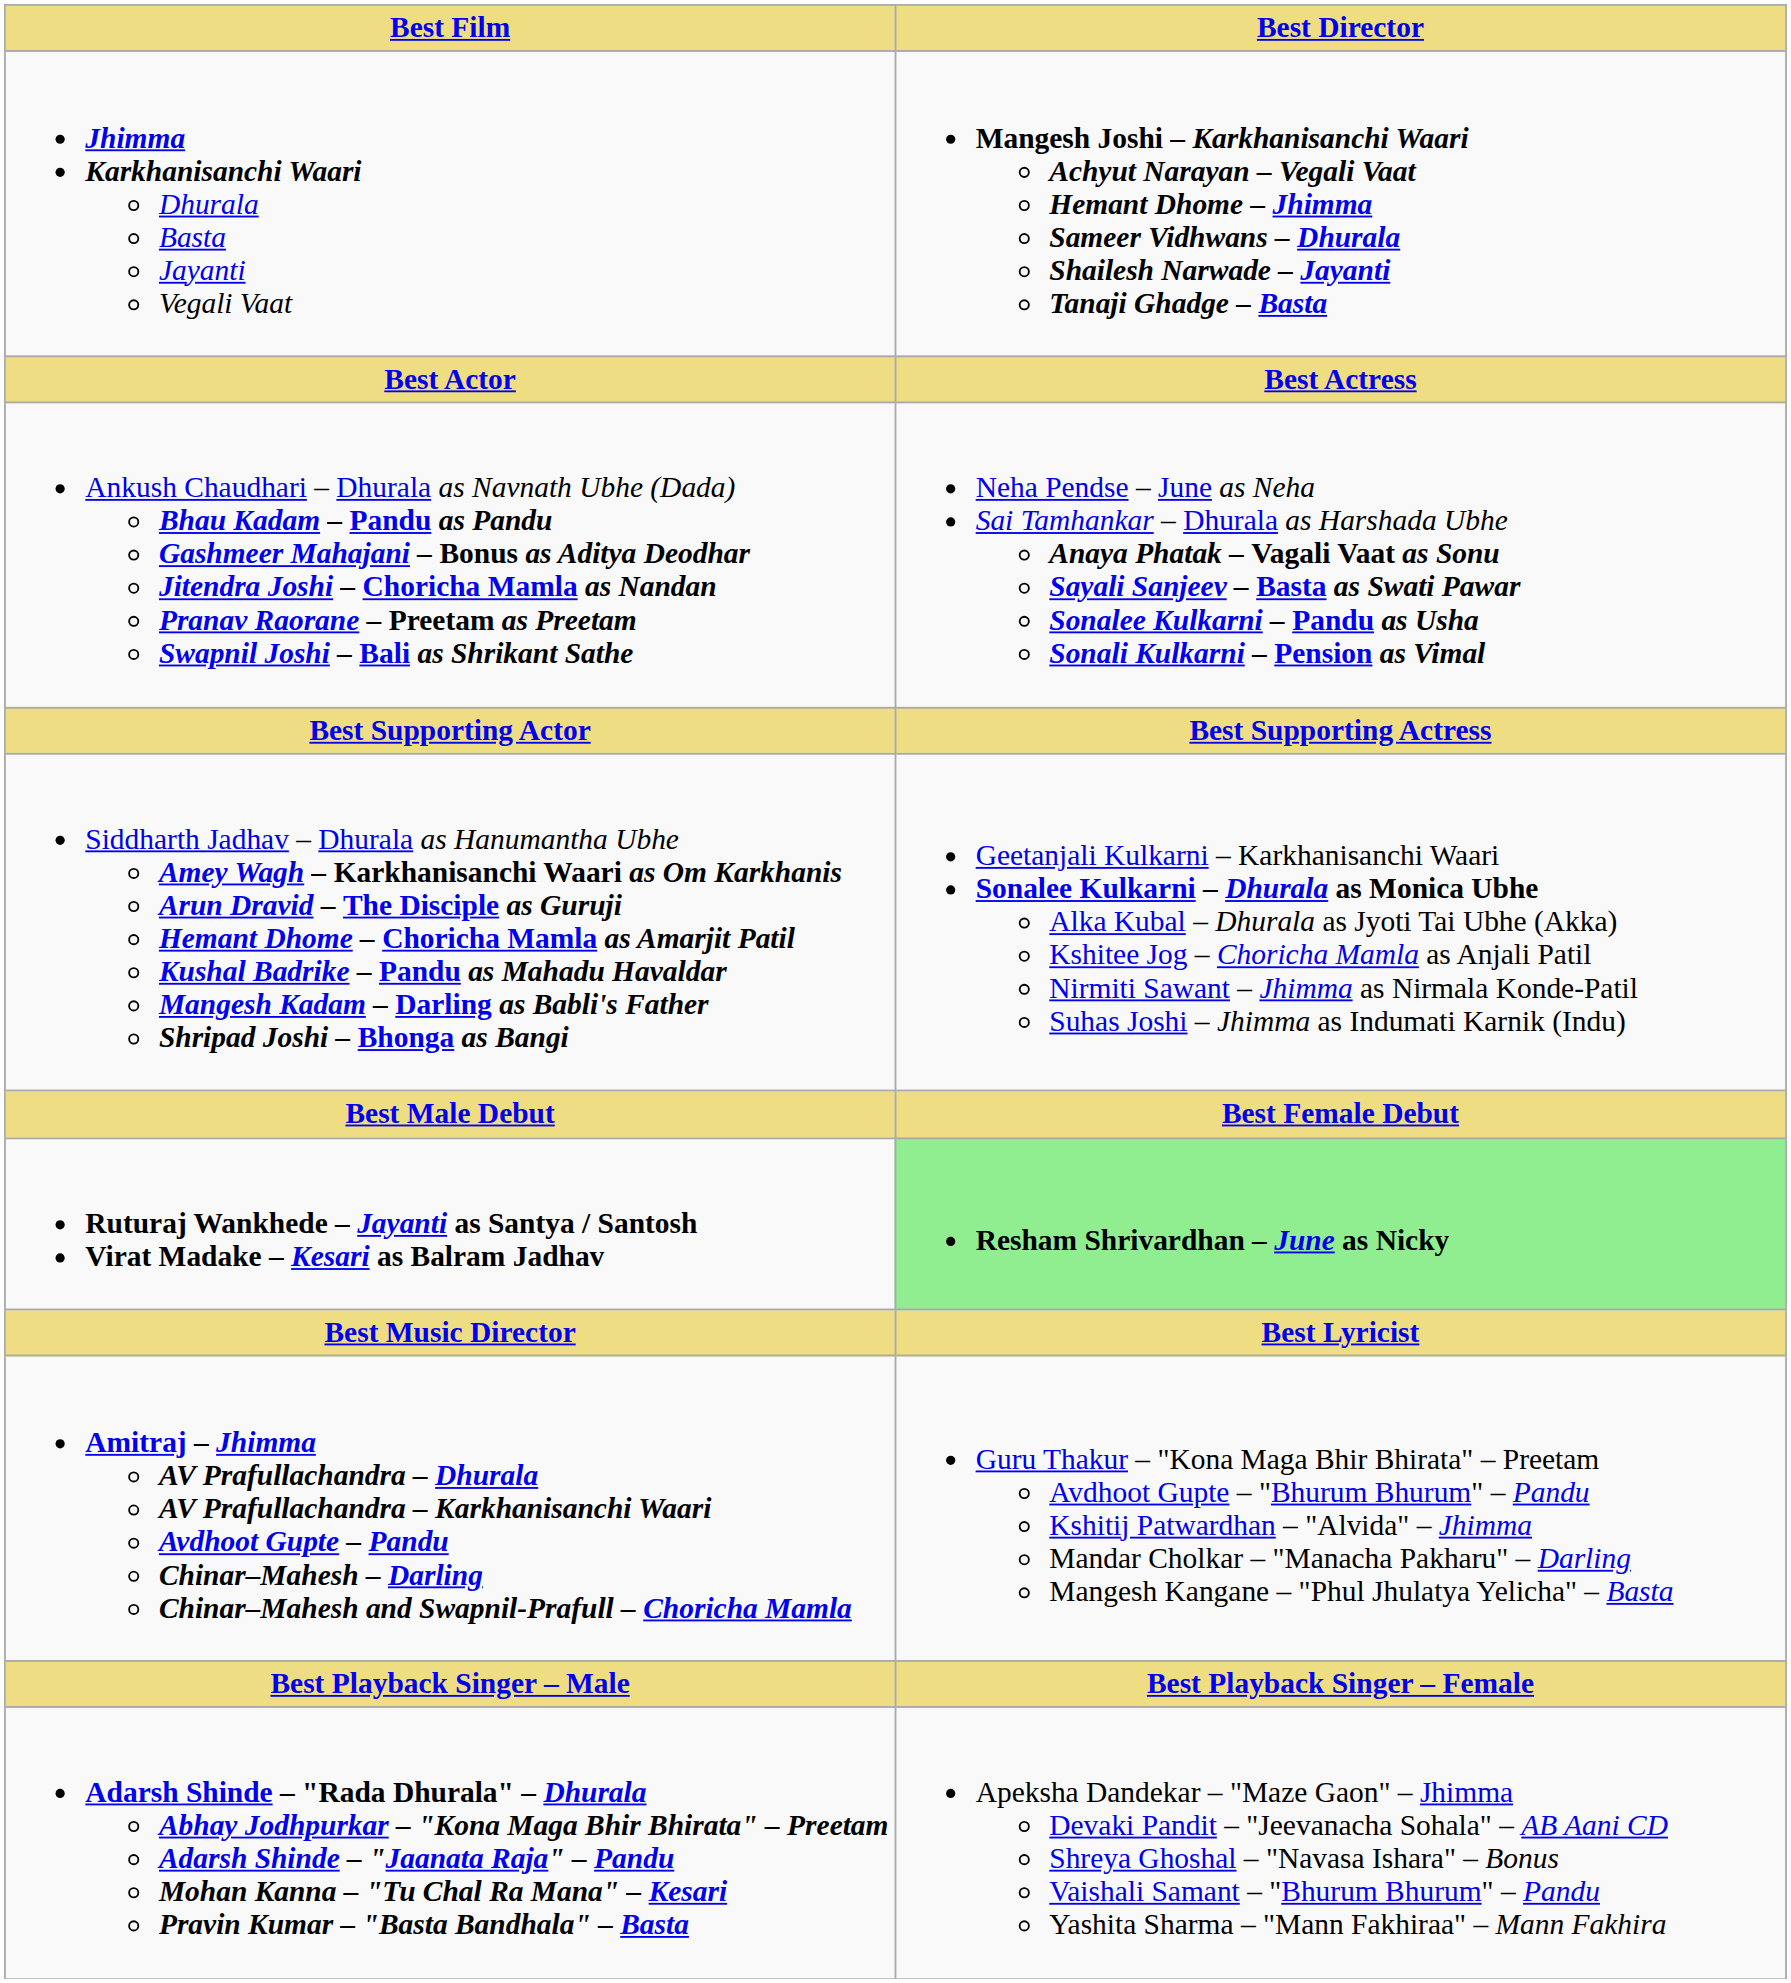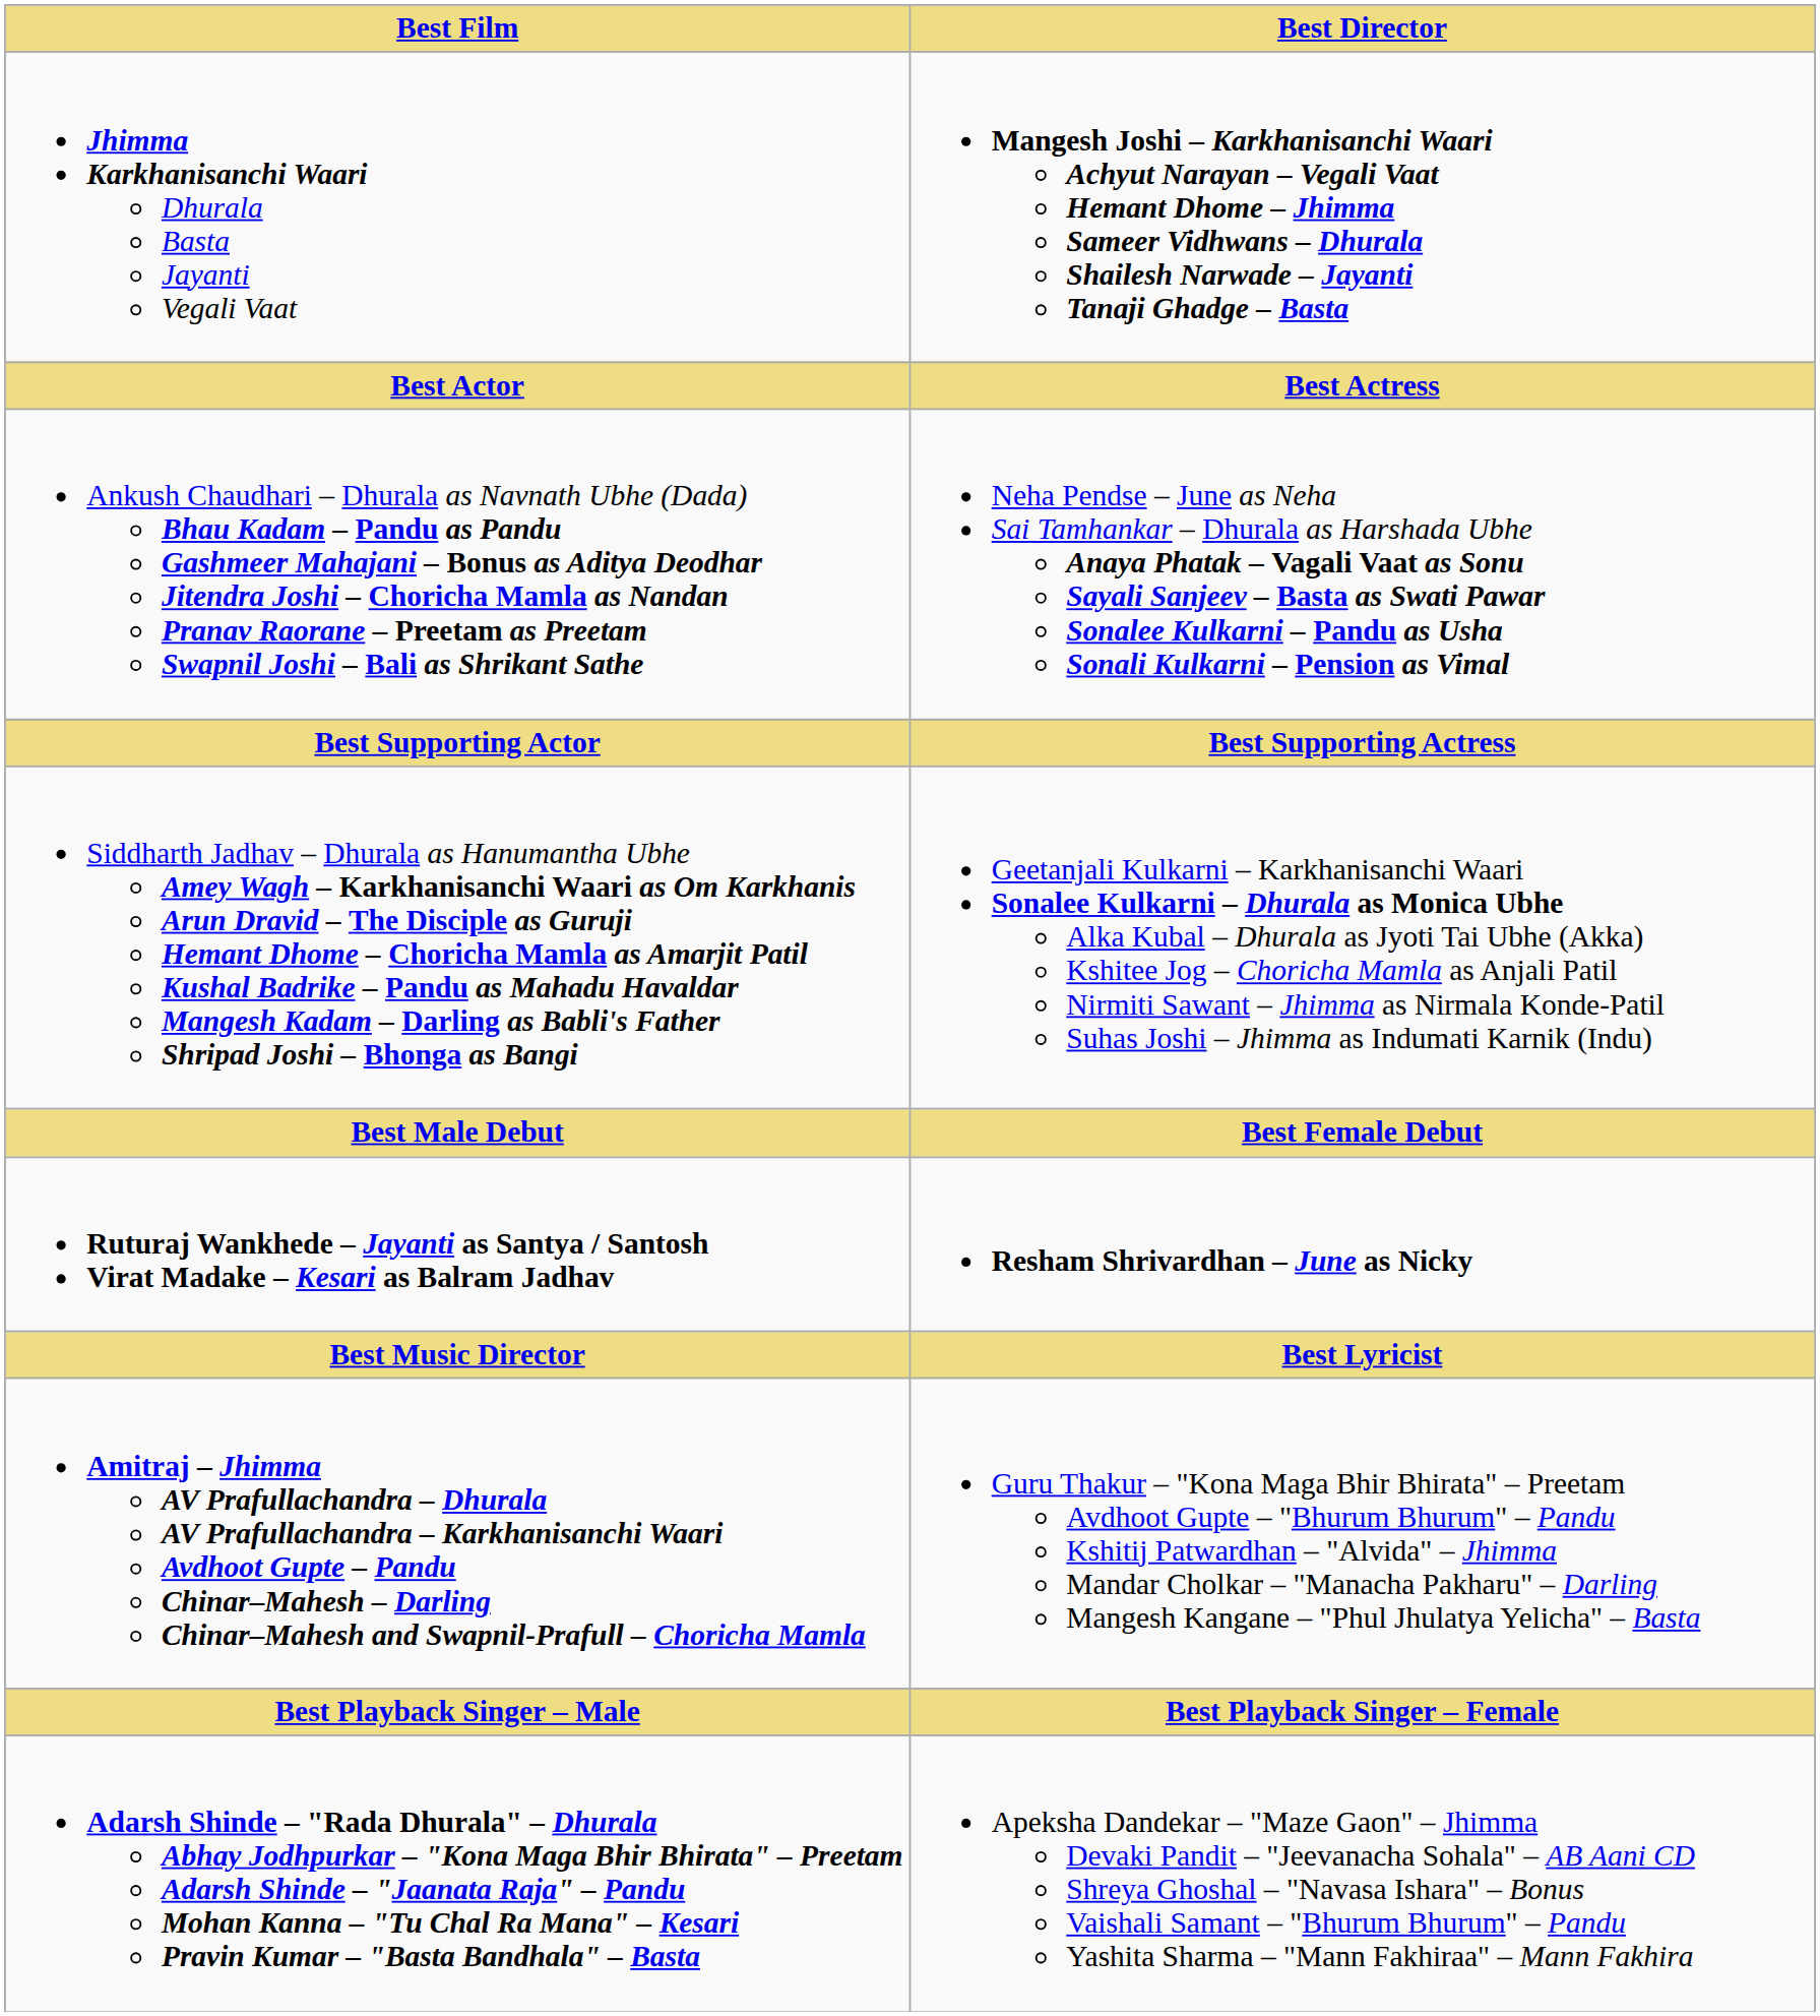 <table class="wikitable">
 <tr>
 <th style="background:#EEDD82; width:50%;"><a href='#'>Best Film</a></th>
 <th style="background:#EEDD82; width:50%;"><a href='#'>Best Director</a></th>
 </tr>
 <tr>
 <td valign="top"><br><ul><li><strong><em><a href='#'>Jhimma</a></em></strong></li><li><strong><em>Karkhanisanchi Waari</em></strong><ul><li><em><a href='#'>Dhurala</a></em></li><li><em><a href='#'>Basta</a></em></li><li><em><a href='#'>Jayanti</a></em></li><li><em>Vegali Vaat</em></li></ul></li></ul></td>
 <td valign="top"><br><ul><li><strong>Mangesh Joshi – <em>Karkhanisanchi Waari<strong><em><ul><li>Achyut Narayan – </em>Vegali Vaat<em></li><li>Hemant Dhome – </em><a href='#'>Jhimma</a><em></li><li>Sameer Vidhwans – </em><a href='#'>Dhurala</a><em></li><li>Shailesh Narwade – </em><a href='#'>Jayanti</a><em></li><li>Tanaji Ghadge – </em><a href='#'>Basta</a><em></li></ul></li></ul></td>
 </tr>
 <tr>
 <th style="background:#EEDD82;"><a href='#'>Best Actor</a></th>
 <th style="background:#EEDD82;"><a href='#'>Best Actress</a></th>
 </tr>
 <tr>
 <td><br><ul><li></strong><a href='#'>Ankush Chaudhari</a> – </em><a href='#'>Dhurala</a><em> as Navnath Ubhe (Dada)<strong><ul><li><a href='#'>Bhau Kadam</a> – </em><a href='#'>Pandu</a><em> as Pandu</li><li><a href='#'>Gashmeer Mahajani</a> – </em>Bonus<em> as Aditya Deodhar</li><li><a href='#'>Jitendra Joshi</a> – </em><a href='#'>Choricha Mamla</a><em> as Nandan</li><li><a href='#'>Pranav Raorane</a> – </em>Preetam<em> as Preetam</li><li><a href='#'>Swapnil Joshi</a> – </em><a href='#'>Bali</a><em> as Shrikant Sathe</li></ul></li></ul></td>
 <td><br><ul><li></strong><a href='#'>Neha Pendse</a> – </em><a href='#'>June</a><em> as Neha<strong></li><li></strong><a href='#'>Sai Tamhankar</a> – </em><a href='#'>Dhurala</a><em> as Harshada Ubhe<strong><ul><li>Anaya Phatak – </em>Vagali Vaat<em> as Sonu</li><li><a href='#'>Sayali Sanjeev</a> – </em><a href='#'>Basta</a><em> as Swati Pawar</li><li><a href='#'>Sonalee Kulkarni</a> – </em><a href='#'>Pandu</a><em> as Usha</li><li><a href='#'>Sonali Kulkarni</a> – </em><a href='#'>Pension</a><em> as Vimal</li></ul></li></ul></td>
 </tr>
 <tr>
 <th style="background:#EEDD82;"><a href='#'>Best Supporting Actor</a></th>
 <th style="background:#EEDD82;"><a href='#'>Best Supporting Actress</a></th>
 </tr>
 <tr>
 <td><br><ul><li></strong><a href='#'>Siddharth Jadhav</a> – </em><a href='#'>Dhurala</a><em> as Hanumantha Ubhe<strong><ul><li><a href='#'>Amey Wagh</a> – </em>Karkhanisanchi Waari<em> as Om Karkhanis</li><li><a href='#'>Arun Dravid</a> – </em><a href='#'>The Disciple</a><em> as Guruji</li><li><a href='#'>Hemant Dhome</a> – </em><a href='#'>Choricha Mamla</a><em> as Amarjit Patil</li><li><a href='#'>Kushal Badrike</a> – </em><a href='#'>Pandu</a><em> as Mahadu Havaldar</li><li><a href='#'>Mangesh Kadam</a> – </em><a href='#'>Darling</a><em> as Babli's Father</li><li>Shripad Joshi – </em><a href='#'>Bhonga</a><em> as Bangi</li></ul></li></ul></td>
 <td><br><ul><li></strong><a href='#'>Geetanjali Kulkarni</a> – </em>Karkhanisanchi Waari</em></strong></li><li><strong><a href='#'>Sonalee Kulkarni</a> –</strong> <strong><em><a href='#'>Dhurala</a></em></strong> <strong>as Monica Ubhe</strong><ul><li><a href='#'>Alka Kubal</a> – <em>Dhurala</em> as Jyoti Tai Ubhe (Akka)</li><li><a href='#'>Kshitee Jog</a> – <em><a href='#'>Choricha Mamla</a></em> as Anjali Patil</li><li><a href='#'>Nirmiti Sawant</a> – <em><a href='#'>Jhimma</a></em> as Nirmala Konde-Patil</li><li><a href='#'>Suhas Joshi</a> – <em>Jhimma</em> as Indumati Karnik (Indu)</li></ul></li></ul></td>
 </tr>
 <tr>
 <th style="background:#EEDD82;"><a href='#'>Best Male Debut</a></th>
 <th style="background:#EEDD82;"><a href='#'>Best Female Debut</a></th>
 </tr>
 <tr>
 <td><br><ul><li><strong>Ruturaj Wankhede – <em><a href='#'>Jayanti</a></em> as Santya / Santosh</strong></li><li><strong>Virat Madake – <em><a href='#'>Kesari</a></em> as Balram Jadhav</strong></li></ul></td>
-<td style="background: lightgreen;"><br><ul><li><strong>Resham Shrivardhan – <em><a href='#'>June</a></em> as Nicky</strong></li></ul></td>
+<td><br><ul><li><strong>Resham Shrivardhan – <em><a href='#'>June</a></em> as Nicky</strong></li></ul></td>
 </tr>
 <tr>
 <th style="background:#EEDD82;"><a href='#'>Best Music Director</a></th>
 <th style="background:#EEDD82;"><a href='#'>Best Lyricist</a></th>
 </tr>
 <tr>
 <td><br><ul><li><strong><a href='#'>Amitraj</a> – <em><a href='#'>Jhimma</a><strong><em><ul><li>AV Prafullachandra – </em><a href='#'>Dhurala</a><em></li><li>AV Prafullachandra – </em>Karkhanisanchi Waari<em></li><li><a href='#'>Avdhoot Gupte</a> – </em><a href='#'>Pandu</a><em></li><li>Chinar–Mahesh – </em><a href='#'>Darling</a><em></li><li>Chinar–Mahesh and Swapnil-Prafull – </em><a href='#'>Choricha Mamla</a><em></li></ul></li></ul></td>
 <td><br><ul><li></strong><a href='#'>Guru Thakur</a> – "Kona Maga Bhir Bhirata" – </em>Preetam</em></strong><ul><li><a href='#'>Avdhoot Gupte</a> – "<a href='#'>Bhurum Bhurum</a>" – <em><a href='#'>Pandu</a></em></li><li><a href='#'>Kshitij Patwardhan</a> – "Alvida" – <em><a href='#'>Jhimma</a></em></li><li>Mandar Cholkar – "Manacha Pakharu" – <em><a href='#'>Darling</a></em></li><li>Mangesh Kangane – "Phul Jhulatya Yelicha" – <em><a href='#'>Basta</a></em></li></ul></li></ul></td>
 </tr>
 <tr>
 <th style="background:#EEDD82;"><a href='#'>Best Playback Singer – Male</a></th>
 <th style="background:#EEDD82;"><a href='#'>Best Playback Singer – Female</a></th>
 </tr>
 <tr>
 <td><br><ul><li><strong><a href='#'>Adarsh Shinde</a> – "Rada Dhurala" – <em><a href='#'>Dhurala</a><strong><em><ul><li><a href='#'>Abhay Jodhpurkar</a> – "Kona Maga Bhir Bhirata" – </em>Preetam<em></li><li><a href='#'>Adarsh Shinde</a> – "<a href='#'>Jaanata Raja</a>" – </em><a href='#'>Pandu</a><em></li><li>Mohan Kanna – "Tu Chal Ra Mana" – </em><a href='#'>Kesari</a><em></li><li>Pravin Kumar – "Basta Bandhala" – </em><a href='#'>Basta</a><em></li></ul></li></ul></td>
 <td><br><ul><li></strong>Apeksha Dandekar – "Maze Gaon" – </em><a href='#'>Jhimma</a></em></strong><ul><li><a href='#'>Devaki Pandit</a> – "Jeevanacha Sohala" – <em><a href='#'>AB Aani CD</a></em></li><li><a href='#'>Shreya Ghoshal</a> – "Navasa Ishara" – <em>Bonus</em></li><li><a href='#'>Vaishali Samant</a> – "<a href='#'>Bhurum Bhurum</a>" – <em><a href='#'>Pandu</a></em></li><li>Yashita Sharma – "Mann Fakhiraa" – <em>Mann Fakhira</em></li></ul></li></ul></td>
 </tr>
 </table>
